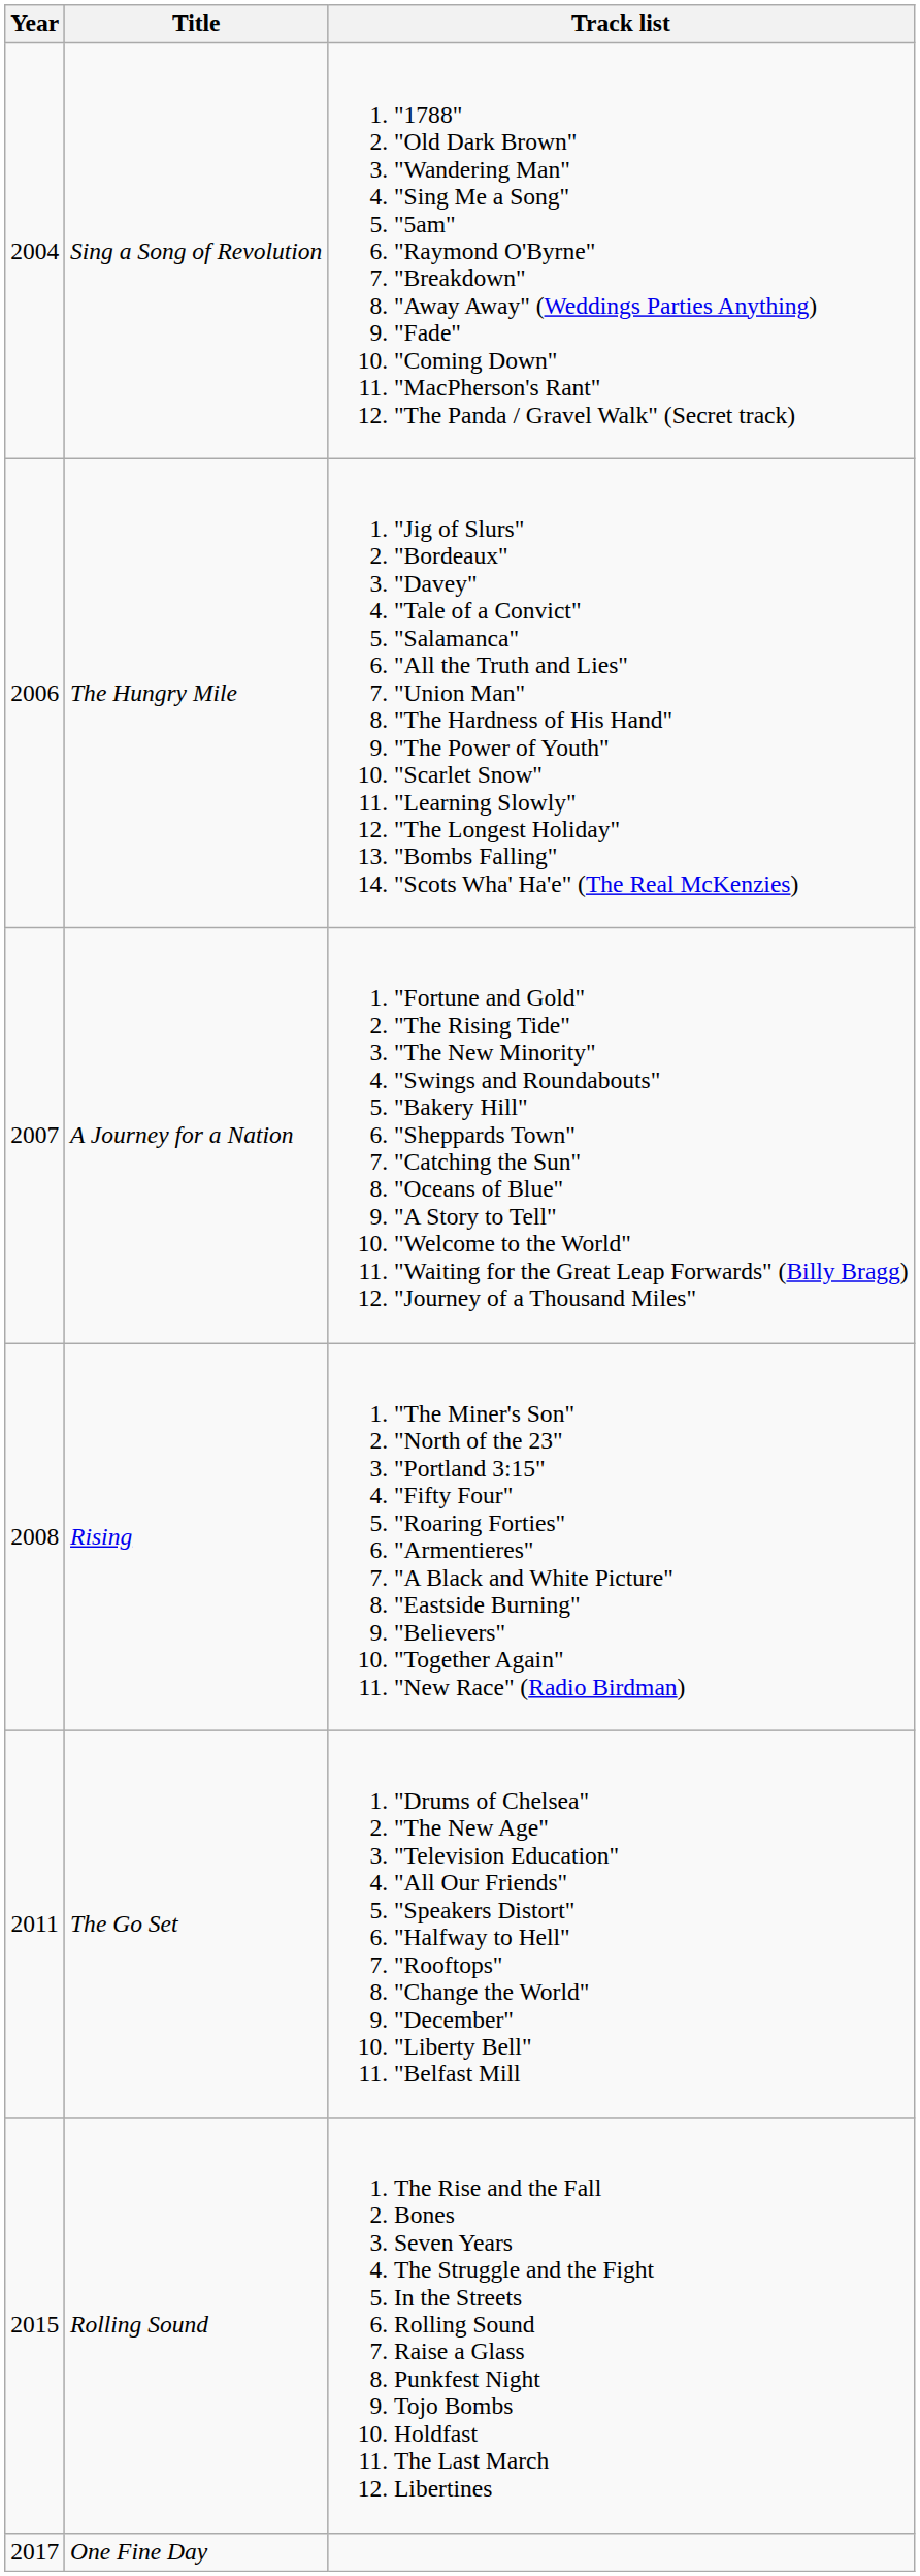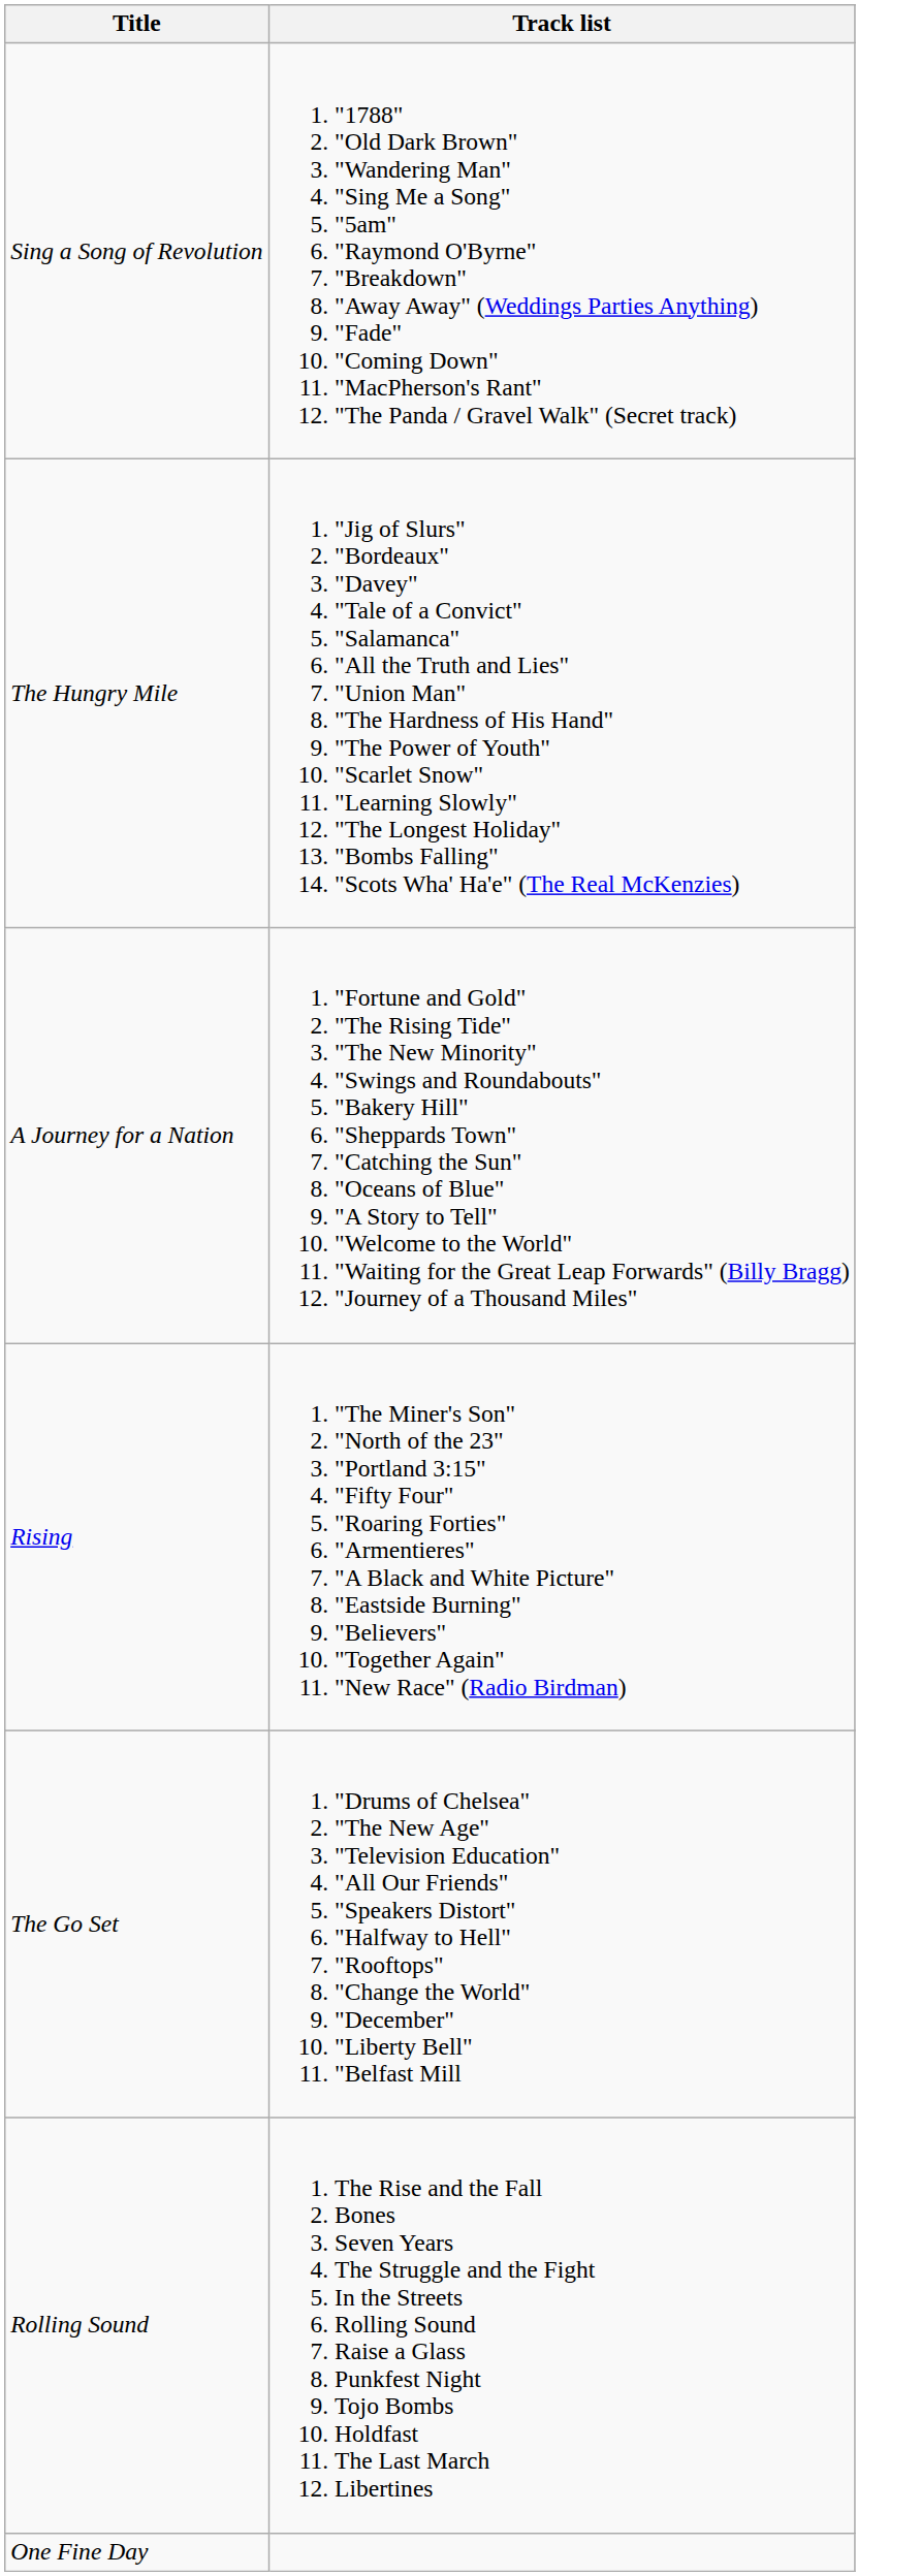 <table class="wikitable plainrowheaders" style="text-align:center;">
 <tr>
-<th>Year</th>
 <th>Title</th>
 <th>Track list</th>
 </tr>
 <tr>
-<td>2004</td>
 <td style="text-align:left;"><em>Sing a Song of Revolution</em></td>
 <td style="text-align:left;"><br><ol><li>"1788"</li><li>"Old Dark Brown"</li><li>"Wandering Man"</li><li>"Sing Me a Song"</li><li>"5am"</li><li>"Raymond O'Byrne"</li><li>"Breakdown"</li><li>"Away Away" (<a href='#'>Weddings Parties Anything</a>)</li><li>"Fade"</li><li>"Coming Down"</li><li>"MacPherson's Rant"</li><li>"The Panda / Gravel Walk" (Secret track)</li></ol></td>
 </tr>
 <tr>
-<td>2006</td>
 <td style="text-align:left;"><em>The Hungry Mile</em></td>
 <td style="text-align:left;"><br><ol><li>"Jig of Slurs"</li><li>"Bordeaux"</li><li>"Davey"</li><li>"Tale of a Convict"</li><li>"Salamanca"</li><li>"All the Truth and Lies"</li><li>"Union Man"</li><li>"The Hardness of His Hand"</li><li>"The Power of Youth"</li><li>"Scarlet Snow"</li><li>"Learning Slowly"</li><li>"The Longest Holiday"</li><li>"Bombs Falling"</li><li>"Scots Wha' Ha'e" (<a href='#'>The Real McKenzies</a>)</li></ol></td>
 </tr>
 <tr>
-<td>2007</td>
 <td style="text-align:left;"><em>A Journey for a Nation</em></td>
 <td style="text-align:left;"><br><ol><li>"Fortune and Gold"</li><li>"The Rising Tide"</li><li>"The New Minority"</li><li>"Swings and Roundabouts"</li><li>"Bakery Hill"</li><li>"Sheppards Town"</li><li>"Catching the Sun"</li><li>"Oceans of Blue"</li><li>"A Story to Tell"</li><li>"Welcome to the World"</li><li>"Waiting for the Great Leap Forwards" (<a href='#'>Billy Bragg</a>)</li><li>"Journey of a Thousand Miles"</li></ol></td>
 </tr>
 <tr>
-<td>2008</td>
 <td style="text-align:left;"><em><a href='#'>Rising</a></em></td>
 <td style="text-align:left;"><br><ol><li>"The Miner's Son"</li><li>"North of the 23"</li><li>"Portland 3:15"</li><li>"Fifty Four"</li><li>"Roaring Forties"</li><li>"Armentieres"</li><li>"A Black and White Picture"</li><li>"Eastside Burning"</li><li>"Believers"</li><li>"Together Again"</li><li>"New Race" (<a href='#'>Radio Birdman</a>)</li></ol></td>
 </tr>
 <tr>
-<td>2011</td>
 <td style="text-align:left;"><em>The Go Set</em></td>
 <td style="text-align:left;"><br><ol><li>"Drums of Chelsea"</li><li>"The New Age"</li><li>"Television Education"</li><li>"All Our Friends"</li><li>"Speakers Distort"</li><li>"Halfway to Hell"</li><li>"Rooftops"</li><li>"Change the World"</li><li>"December"</li><li>"Liberty Bell"</li><li>"Belfast Mill</li></ol></td>
 </tr>
 <tr>
-<td>2015</td>
 <td style="text-align:left;"><em>Rolling Sound</em></td>
 <td style="text-align:left;"><br><ol><li>The Rise and the Fall</li><li>Bones</li><li>Seven Years</li><li>The Struggle and the Fight</li><li>In the Streets</li><li>Rolling Sound</li><li>Raise a Glass</li><li>Punkfest Night</li><li>Tojo Bombs</li><li>Holdfast</li><li>The Last March</li><li>Libertines</li></ol></td>
 </tr>
 <tr>
-<td>2017</td>
 <td style="text-align:left;"><em>One Fine Day</em></td>
 <td style="text-align:left;"></td>
 </tr>
 </table>
